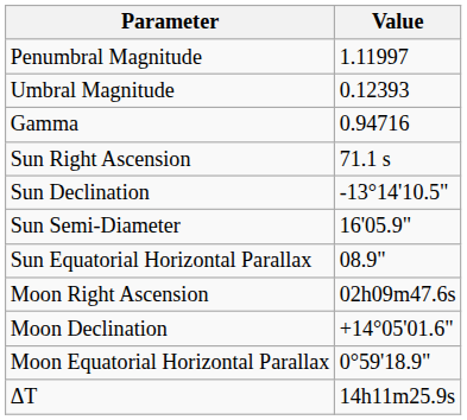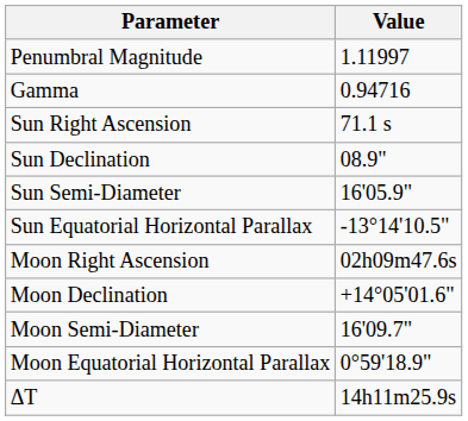 <table class="wikitable">
 <tr>
 <th>Parameter</th>
 <th>Value</th>
 </tr>
 <tr>
 <td>Penumbral Magnitude</td>
 <td>1.11997</td>
-</tr>
-<tr>
-<td>Umbral Magnitude</td>
-<td>0.12393</td>
 </tr>
 <tr>
 <td>Gamma</td>
 <td>0.94716</td>
 </tr>
 <tr>
 <td>Sun Right Ascension</td>
 <td>71.1 s</td>
 </tr>
 <tr>
 <td>Sun Declination</td>
-<td>-13°14'10.5"</td>
+<td>08.9"</td>
 </tr>
 <tr>
 <td>Sun Semi-Diameter</td>
 <td>16'05.9"</td>
 </tr>
 <tr>
 <td>Sun Equatorial Horizontal Parallax</td>
-<td>08.9"</td>
+<td>-13°14'10.5"</td>
 </tr>
 <tr>
 <td>Moon Right Ascension</td>
 <td>02h09m47.6s</td>
 </tr>
 <tr>
 <td>Moon Declination</td>
 <td>+14°05'01.6"</td>
 </tr>
 <tr>
+<td>Moon Semi-Diameter</td>
+<td>16'09.7"</td>
+</tr>
+<tr>
 <td>Moon Equatorial Horizontal Parallax</td>
 <td>0°59'18.9"</td>
 </tr>
 <tr>
 <td>ΔT</td>
 <td>14h11m25.9s</td>
 </tr>
 </table>
